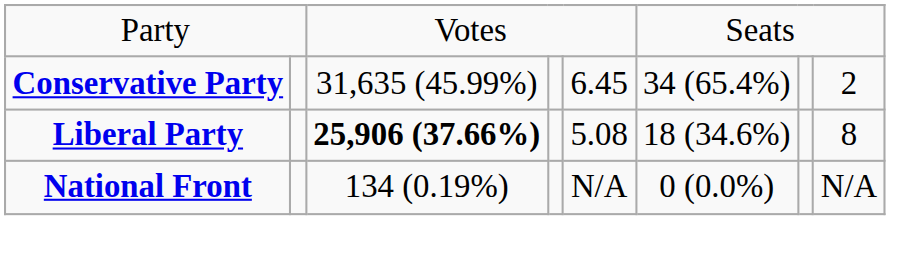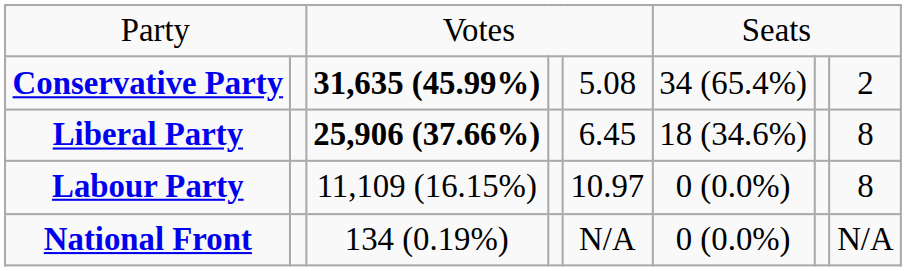 <table class=wikitable style="text-align:center;">
 <tr>
 <td colspan=2>Party</td>
 <td colspan=3>Votes</td>
 <td colspan=3>Seats</td>
 </tr>
 <tr>
 <td><strong><a href='#'>Conservative Party</a></strong></td>
 <td style="background:"></td>
-<td>31,635 (45.99%)</td>
+<td><strong>31,635 (45.99%)</strong></td>
 <td></td>
-<td> 6.45</td>
+<td> 5.08</td>
 <td>34 (65.4%)</td>
 <td></td>
 <td> 2</td>
 </tr>
 <tr>
 <td><strong><a href='#'>Liberal Party</a></strong></td>
 <td style="background:"></td>
 <td><strong>25,906 (37.66%)</strong></td>
 <td></td>
-<td> 5.08</td>
+<td> 6.45</td>
 <td>18 (34.6%)</td>
+<td></td>
+<td> 8</td>
+</tr>
+<tr>
+<td><strong><a href='#'>Labour Party</a></strong></td>
+<td style="background:"></td>
+<td>11,109 (16.15%)</td>
+<td></td>
+<td> 10.97</td>
+<td>0 (0.0%)</td>
 <td></td>
 <td> 8</td>
 </tr>
 <tr>
 <td><strong><a href='#'>National Front</a></strong></td>
 <td style="background:"></td>
 <td>134 (0.19%)</td>
 <td></td>
 <td>N/A</td>
 <td>0  (0.0%)</td>
 <td></td>
 <td>N/A</td>
 </tr>
 </table>
